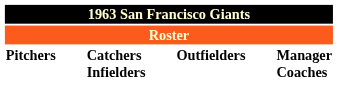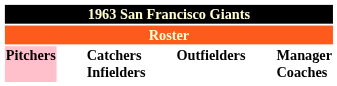 <table class="toccolours" style="font-size: 95%;">
 <tr>
 <th colspan="10" style="background-color: black; color: #FFFDD0; text-align: center;">1963 San Francisco Giants</th>
 </tr>
 <tr>
 <td colspan="10" style="background-color: #fd5a1e; color: #FFFDD0; text-align: center;"><strong>Roster</strong></td>
 </tr>
 <tr>
-<td valign="top"><strong>Pitchers</strong><br>               </td>
+<td valign="top" style="background: pink;"><strong>Pitchers</strong><br>               </td>
 <td width="25px"></td>
 <td valign="top"><strong>Catchers</strong><br>   <strong>Infielders</strong>         </td>
 <td width="25px"></td>
 <td valign="top"><strong>Outfielders</strong><br>      </td>
 <td width="25px"></td>
 <td valign="top"><strong>Manager</strong><br> <strong>Coaches</strong>   </td>
 </tr>
 <tr>
 </tr>
 </table>
